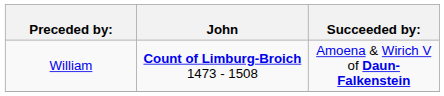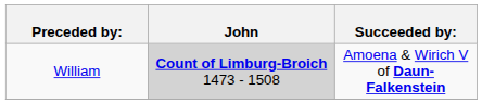 <table class="wikitable" style="margin:1em auto;">
 <tr align="center">
 <th width=150px><br>Preceded by:</th>
 <th width=200px><br>John</th>
 <th width=150px><br>Succeeded by:</th>
 </tr>
 <tr align="center">
 <td><a href='#'>William</a></td>
-<td><strong><a href='#'>Count of Limburg-Broich</a></strong><br>1473 - 1508</td>
+<td style="background: lightgrey;"><strong><a href='#'>Count of Limburg-Broich</a></strong><br>1473 - 1508</td>
 <td><a href='#'>Amoena</a> & <a href='#'>Wirich V</a><br>of <strong><a href='#'>Daun-Falkenstein</a></strong></td>
 </tr>
 <tr>
 </tr>
 </table>
